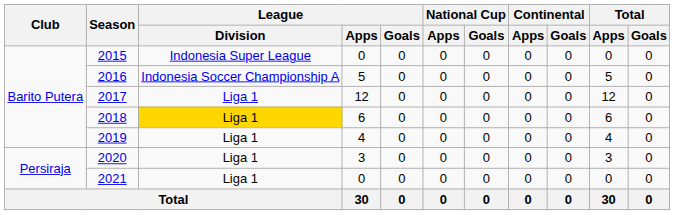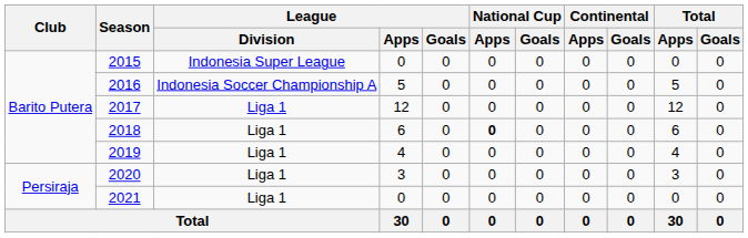 <table class="wikitable" style="font-size:90%; text-align:center;">
 <tr>
 <th rowspan="2">Club</th>
 <th rowspan="2">Season</th>
 <th colspan="3">League</th>
 <th colspan="2">National Cup</th>
 <th colspan="2">Continental</th>
 <th colspan="2">Total</th>
 </tr>
 <tr>
 <th>Division</th>
 <th>Apps</th>
 <th>Goals</th>
 <th>Apps</th>
 <th>Goals</th>
 <th>Apps</th>
 <th>Goals</th>
 <th>Apps</th>
 <th>Goals</th>
 </tr>
 <tr>
 <td rowspan="5"><a href='#'>Barito Putera</a></td>
 <td><a href='#'>2015</a></td>
 <td><a href='#'>Indonesia Super League</a></td>
 <td>0</td>
 <td>0</td>
 <td>0</td>
 <td>0</td>
 <td>0</td>
 <td>0</td>
 <td>0</td>
 <td>0</td>
 </tr>
 <tr>
 <td><a href='#'>2016</a></td>
 <td><a href='#'>Indonesia Soccer Championship A</a></td>
 <td>5</td>
 <td>0</td>
 <td>0</td>
 <td>0</td>
 <td>0</td>
 <td>0</td>
 <td>5</td>
 <td>0</td>
 </tr>
 <tr>
 <td><a href='#'>2017</a></td>
 <td><a href='#'>Liga 1</a></td>
 <td>12</td>
 <td>0</td>
 <td>0</td>
 <td>0</td>
 <td>0</td>
 <td>0</td>
 <td>12</td>
 <td>0</td>
 </tr>
 <tr>
 <td><a href='#'>2018</a></td>
-<td style="background: gold;">Liga 1</td>
+<td>Liga 1</td>
 <td>6</td>
 <td>0</td>
-<td>0</td>
+<td><strong>0</strong></td>
 <td>0</td>
 <td>0</td>
 <td>0</td>
 <td>6</td>
 <td>0</td>
 </tr>
 <tr>
 <td><a href='#'>2019</a></td>
 <td>Liga 1</td>
 <td>4</td>
 <td>0</td>
 <td>0</td>
 <td>0</td>
 <td>0</td>
 <td>0</td>
 <td>4</td>
 <td>0</td>
 </tr>
 <tr>
 <td rowspan="2"><a href='#'>Persiraja</a></td>
 <td><a href='#'>2020</a></td>
 <td>Liga 1</td>
 <td>3</td>
 <td>0</td>
 <td>0</td>
 <td>0</td>
 <td>0</td>
 <td>0</td>
 <td>3</td>
 <td>0</td>
 </tr>
 <tr>
 <td><a href='#'>2021</a></td>
 <td>Liga 1</td>
 <td>0</td>
 <td>0</td>
 <td>0</td>
 <td>0</td>
 <td>0</td>
 <td>0</td>
 <td>0</td>
 <td>0</td>
 </tr>
 <tr>
 <th colspan="3">Total</th>
 <th>30</th>
 <th>0</th>
 <th>0</th>
 <th>0</th>
 <th>0</th>
 <th>0</th>
 <th>30</th>
 <th>0</th>
 </tr>
 </table>
